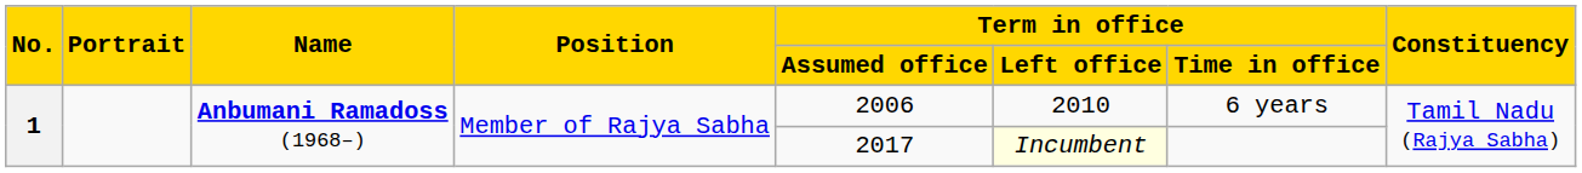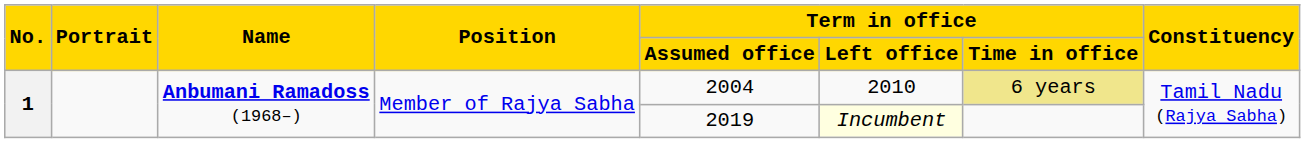 <table class="wikitable sortable" style="text-align:center;">
 <tr>
 <th rowspan=2 style="background-color:#FFD700;color:black">No.</th>
 <th rowspan=2 style="background-color:#FFD700;color:black">Portrait</th>
 <th rowspan=2 style="background-color:#FFD700;color:black">Name<br></th>
 <th rowspan=2 style="background-color:#FFD700;color:black">Position</th>
 <th colspan=3 style="background-color:#FFD700;color:black">Term in office</th>
 <th rowspan=2 style="background-color:#FFD700;color:black">Constituency<br></th>
 </tr>
 <tr>
 <th style="background-color:#FFD700;color:black">Assumed office</th>
 <th style="background-color:#FFD700;color:black">Left office</th>
 <th style="background-color:#FFD700;color:black">Time in office</th>
 </tr>
 <tr>
 <th rowspan=3>1</th>
 <td rowspan=3></td>
 <td rowspan=3><strong><a href='#'>Anbumani Ramadoss</a></strong><br><small>(1968–)</small></td>
 <td rowspan="2"><a href='#'>Member of Rajya Sabha</a></td>
-<td>2006</td>
+<td>2004</td>
 <td>2010</td>
-<td>6 years</td>
+<td style="background: khaki;">6 years</td>
 <td rowspan=3><a href='#'>Tamil Nadu</a><br><small>(<a href='#'>Rajya Sabha</a>)</small></td>
 </tr>
 <tr>
-<td>2017</td>
+<td>2019</td>
 <td style="background: lightyellow;"><em>Incumbent</em></td>
 <td></td>
 </tr>
 </table>
